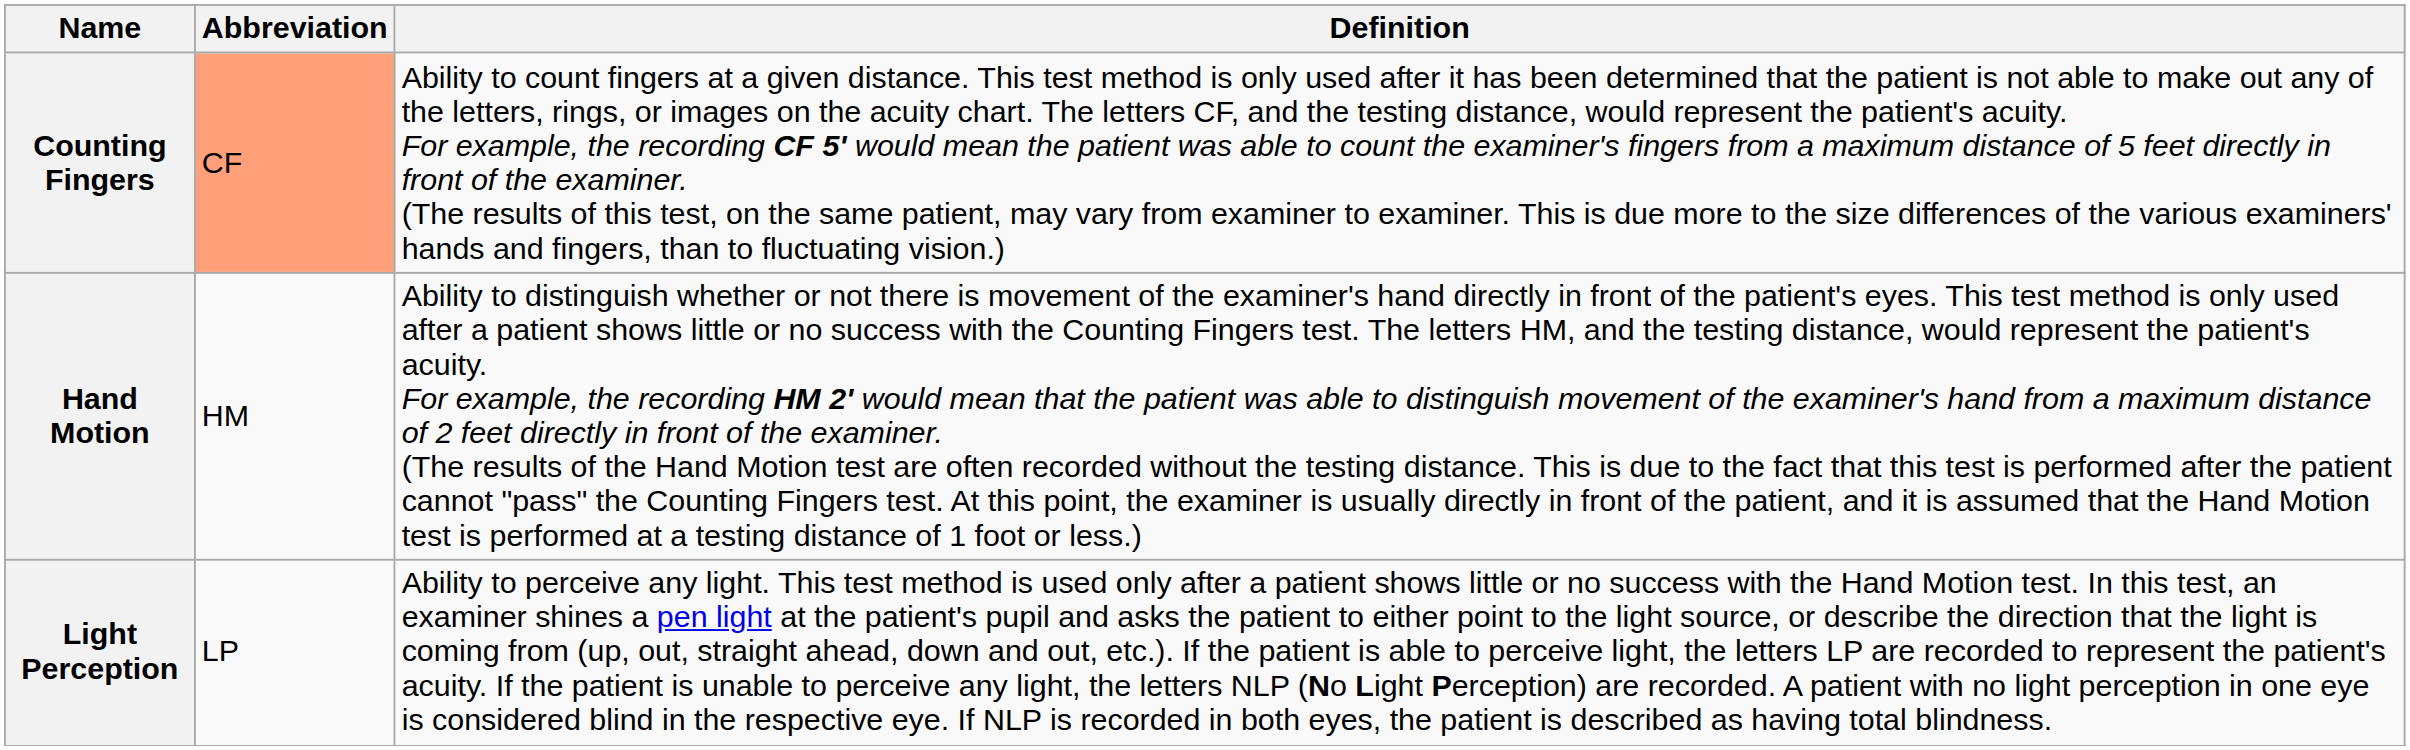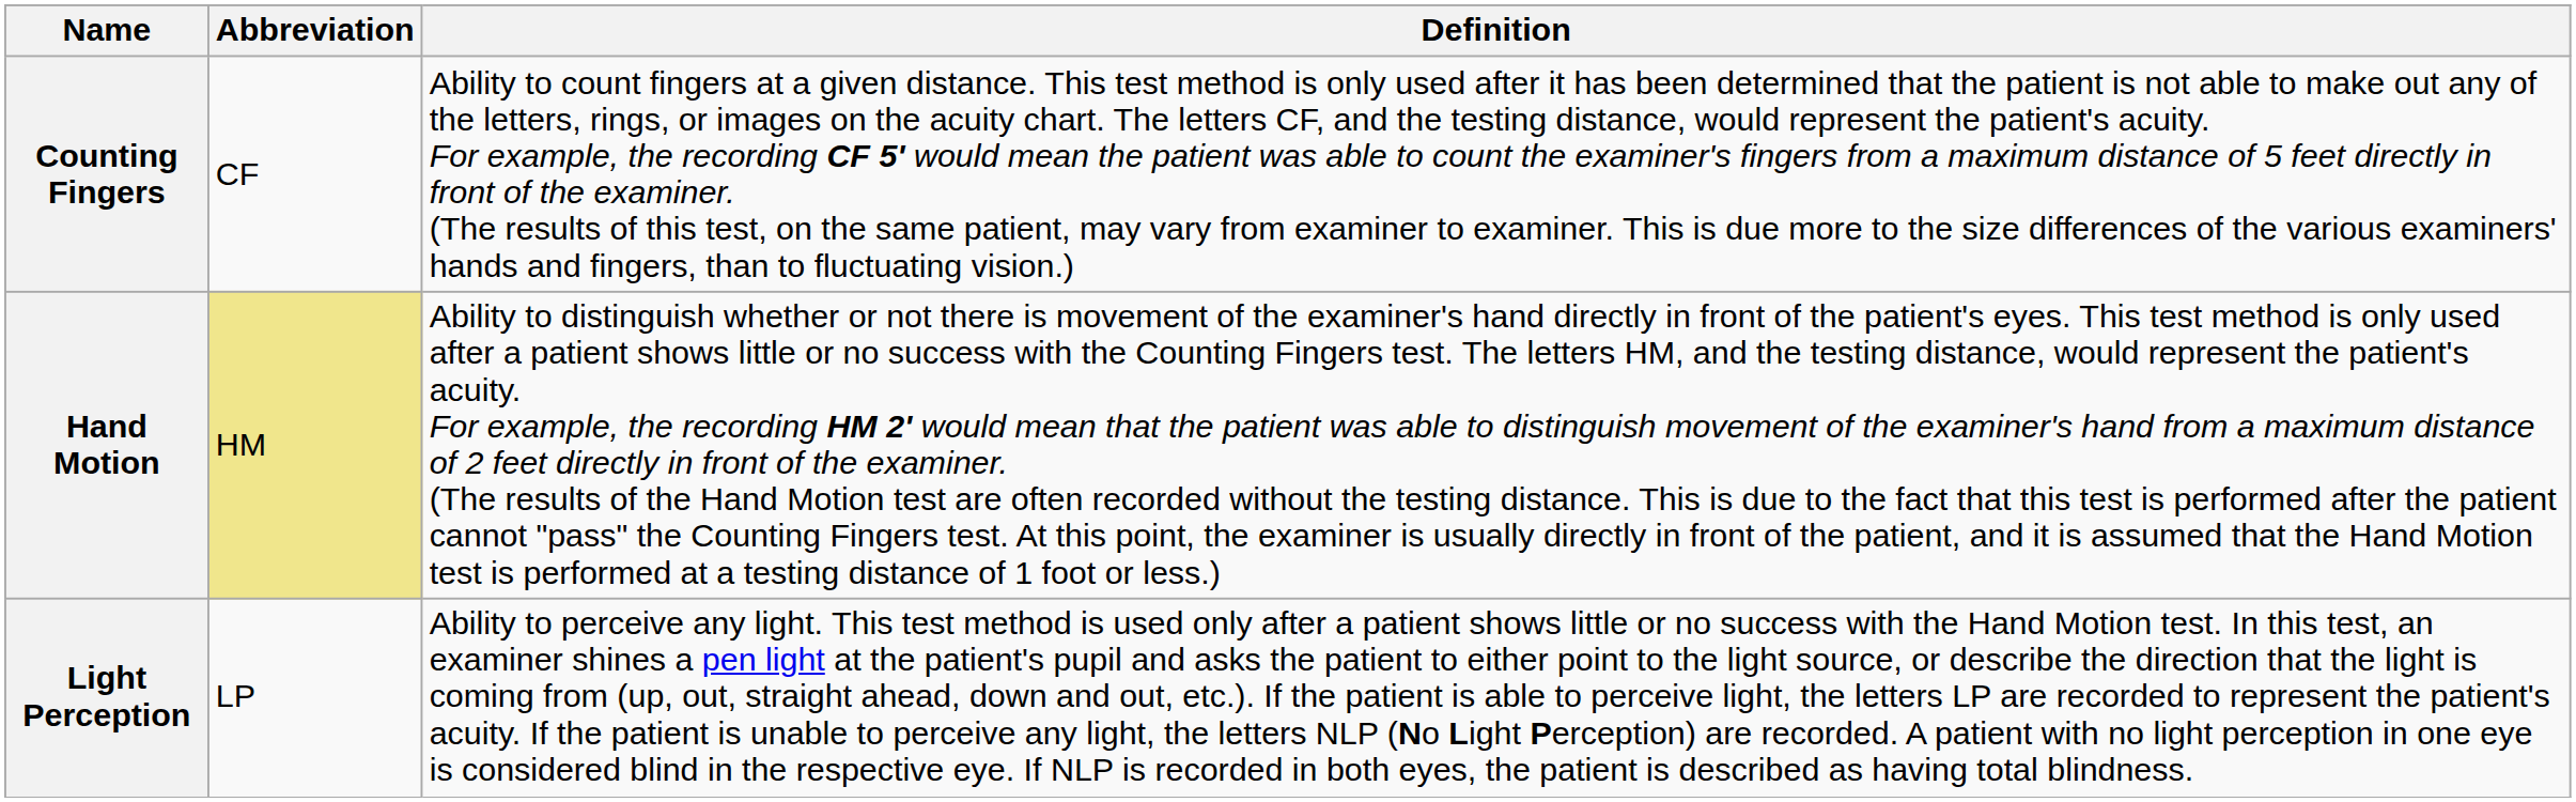 <table class="wikitable floatleft" style="margin:auto;">
 <tr>
 <th>Name</th>
 <th>Abbreviation</th>
 <th>Definition</th>
 </tr>
 <tr>
 <th>Counting Fingers</th>
-<td style="background: lightsalmon;">CF</td>
+<td>CF</td>
 <td>Ability to count fingers at a given distance. This test method is only used after it has been determined that the patient is not able to make out any of the letters, rings, or images on the acuity chart. The letters CF, and the testing distance, would represent the patient's acuity.<br><em>For example, the recording <strong>CF 5'</strong> would mean the patient was able to count the examiner's fingers from a maximum distance of 5 feet directly in front of the examiner.</em><br>(The results of this test, on the same patient, may vary from examiner to examiner. This is due more to the size differences of the various examiners' hands and fingers, than to fluctuating vision.)</td>
 </tr>
 <tr>
 <th>Hand Motion</th>
-<td>HM</td>
+<td style="background: khaki;">HM</td>
 <td>Ability to distinguish whether or not there is movement of the examiner's hand directly in front of the patient's eyes. This test method is only used after a patient shows little or no success with the Counting Fingers test. The letters HM, and the testing distance, would represent the patient's acuity.<br><em>For example, the recording <strong>HM 2'</strong> would mean that the patient was able to distinguish movement of the examiner's hand from a maximum distance of 2 feet directly in front of the examiner.</em><br>(The results of the Hand Motion test are often recorded without the testing distance. This is due to the fact that this test is performed after the patient cannot "pass" the Counting Fingers test. At this point, the examiner is usually directly in front of the patient, and it is assumed that the Hand Motion test is performed at a testing distance of 1 foot or less.)</td>
 </tr>
 <tr>
 <th>Light Perception</th>
 <td>LP</td>
 <td>Ability to perceive any light. This test method is used only after a patient shows little or no success with the Hand Motion test. In this test, an examiner shines a <a href='#'>pen light</a> at the patient's pupil and asks the patient to either point to the light source, or describe the direction that the light is coming from (up, out, straight ahead, down and out, etc.). If the patient is able to perceive light, the letters LP are recorded to represent the patient's acuity. If the patient is unable to perceive any light, the letters NLP (<strong>N</strong>o <strong>L</strong>ight <strong>P</strong>erception) are recorded. A patient with no light perception in one eye is considered blind in the respective eye. If NLP is recorded in both eyes, the patient is described as having total blindness.</td>
 </tr>
 </table>
